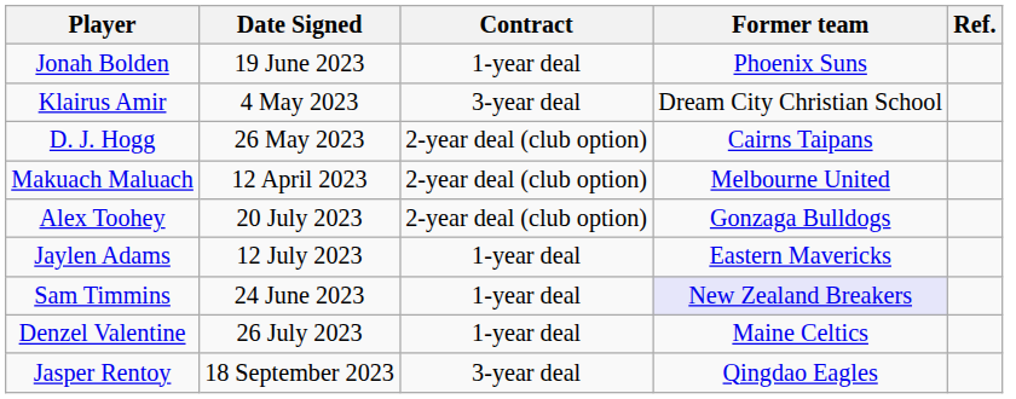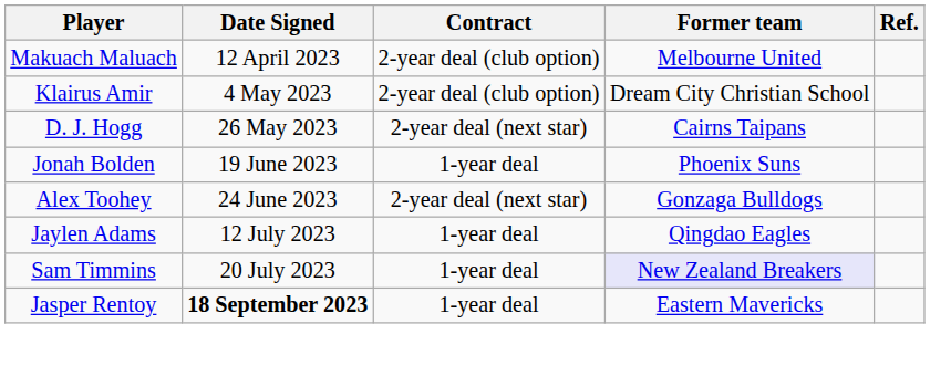 <table class="wikitable sortable sortable" style="text-align: center">
 <tr>
 <th>Player</th>
 <th>Date Signed</th>
 <th>Contract</th>
 <th>Former team</th>
 <th>Ref.</th>
 </tr>
 <tr>
+<td><a href='#'>Makuach Maluach</a></td>
+<td>12 April 2023</td>
+<td>2-year deal (club option)</td>
+<td><a href='#'>Melbourne United</a></td>
+<td></td>
+</tr>
+<tr>
+<td><a href='#'>Klairus Amir</a></td>
+<td>4 May 2023</td>
+<td>2-year deal (club option)</td>
+<td>Dream City Christian School</td>
+<td></td>
+</tr>
+<tr>
+<td><a href='#'>D. J. Hogg</a></td>
+<td>26 May 2023</td>
+<td>2-year deal (next star)</td>
+<td><a href='#'>Cairns Taipans</a></td>
+<td></td>
+</tr>
+<tr>
 <td><a href='#'>Jonah Bolden</a></td>
 <td>19 June 2023</td>
 <td>1-year deal</td>
 <td><a href='#'>Phoenix Suns</a></td>
 <td></td>
 </tr>
 <tr>
-<td><a href='#'>Klairus Amir</a></td>
-<td>4 May 2023</td>
-<td>3-year deal</td>
-<td>Dream City Christian School</td>
-<td></td>
-</tr>
-<tr>
-<td><a href='#'>D. J. Hogg</a></td>
-<td>26 May 2023</td>
-<td>2-year deal (club option)</td>
-<td><a href='#'>Cairns Taipans</a></td>
-<td></td>
-</tr>
-<tr>
-<td><a href='#'>Makuach Maluach</a></td>
-<td>12 April 2023</td>
-<td>2-year deal (club option)</td>
-<td><a href='#'>Melbourne United</a></td>
-<td></td>
-</tr>
-<tr>
 <td><a href='#'>Alex Toohey</a></td>
-<td>20 July 2023</td>
-<td>2-year deal (club option)</td>
+<td>24 June 2023</td>
+<td>2-year deal (next star)</td>
 <td><a href='#'>Gonzaga Bulldogs</a></td>
 <td></td>
 </tr>
 <tr>
 <td><a href='#'>Jaylen Adams</a></td>
 <td>12 July 2023</td>
 <td>1-year deal</td>
-<td><a href='#'>Eastern Mavericks</a></td>
+<td><a href='#'>Qingdao Eagles</a></td>
 <td></td>
 </tr>
 <tr>
 <td><a href='#'>Sam Timmins</a></td>
-<td>24 June 2023</td>
+<td>20 July 2023</td>
 <td>1-year deal</td>
 <td style="background: lavender;"><a href='#'>New Zealand Breakers</a></td>
 <td></td>
 </tr>
 <tr>
-<td><a href='#'>Denzel Valentine</a></td>
-<td>26 July 2023</td>
+<td><a href='#'>Jasper Rentoy</a></td>
+<td><strong>18 September 2023</strong></td>
 <td>1-year deal</td>
-<td><a href='#'>Maine Celtics</a></td>
-<td></td>
-</tr>
-<tr>
-<td><a href='#'>Jasper Rentoy</a></td>
-<td>18 September 2023</td>
-<td>3-year deal</td>
-<td><a href='#'>Qingdao Eagles</a></td>
+<td><a href='#'>Eastern Mavericks</a></td>
 <td></td>
 </tr>
 </table>
